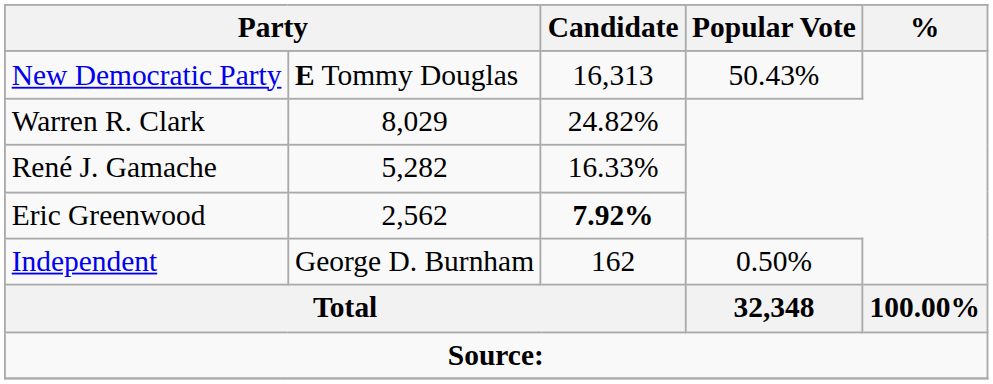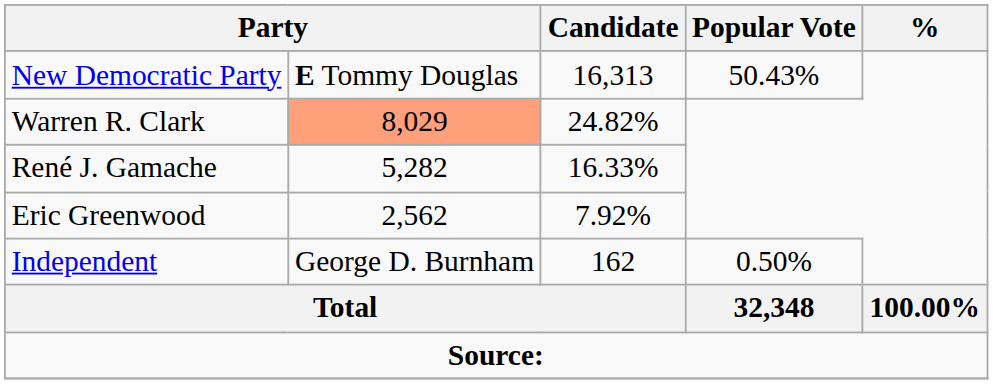 <table class="wikitable">
 <tr>
 <th colspan="2">Party</th>
 <th>Candidate</th>
 <th>Popular Vote</th>
 <th>%</th>
 </tr>
 <tr>
 <td><a href='#'>New Democratic Party</a></td>
 <td><strong>E</strong> Tommy Douglas</td>
 <td align=center>16,313</td>
 <td align=center>50.43%</td>
 </tr>
 <tr>
 <td>Warren R. Clark</td>
-<td align=center>8,029</td>
+<td align=center style="background: lightsalmon;">8,029</td>
 <td align=center>24.82%</td>
 </tr>
 <tr>
 <td>René J. Gamache</td>
 <td align=center>5,282</td>
 <td align=center>16.33%</td>
 </tr>
 <tr>
 <td>Eric Greenwood</td>
 <td align=center>2,562</td>
-<td align=center><strong>7.92%</strong></td>
+<td align=center>7.92%</td>
 </tr>
 <tr>
 <td><a href='#'>Independent</a></td>
 <td>George D. Burnham</td>
 <td align=center>162</td>
 <td align=center>0.50%</td>
 </tr>
 <tr>
 <th colspan=3>Total</th>
 <th>32,348</th>
 <th>100.00%</th>
 </tr>
 <tr>
 <td align="center" colspan=5><strong>Source:</strong> </td>
 </tr>
 <tr>
 </tr>
 </table>
